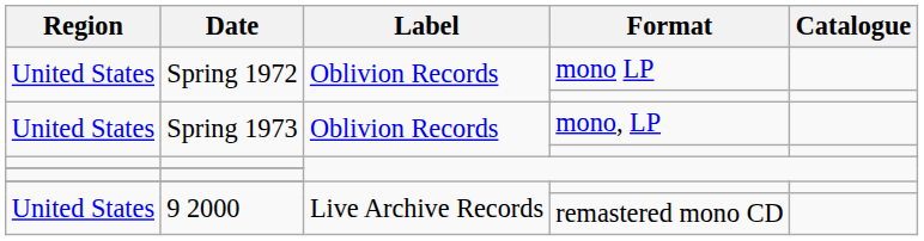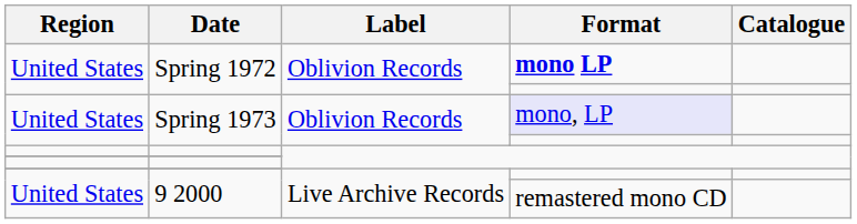 <table class="wikitable">
 <tr>
 <th>Region</th>
 <th>Date</th>
 <th>Label</th>
 <th>Format</th>
 <th>Catalogue</th>
 </tr>
 <tr>
 <td rowspan="2"><a href='#'>United States</a></td>
 <td rowspan="2">Spring 1972</td>
 <td rowspan="2"><a href='#'>Oblivion Records</a></td>
-<td><a href='#'>mono</a> <a href='#'>LP</a></td>
+<td><strong><a href='#'>mono</a> <a href='#'>LP</a></strong></td>
 <td></td>
 </tr>
 <tr>
 <td></td>
 <td></td>
 </tr>
 <tr>
 <td rowspan="4"><a href='#'>United States</a></td>
 <td rowspan="4">Spring 1973</td>
 <td rowspan="4"><a href='#'>Oblivion Records</a></td>
-<td><a href='#'>mono</a>, <a href='#'>LP</a></td>
+<td style="background: lavender;"><a href='#'>mono</a>, <a href='#'>LP</a></td>
 <td></td>
 </tr>
 <tr>
 <td></td>
 <td></td>
 </tr>
 <tr>
 </tr>
 <tr>
 </tr>
 <tr>
 <td></td>
 <td></td>
 </tr>
 <tr>
 </tr>
 <tr>
 </tr>
 <tr>
 <td></td>
 <td></td>
 </tr>
 <tr>
 </tr>
 <tr>
 <td rowspan="2"><a href='#'>United States</a></td>
 <td rowspan="2">9 2000</td>
 <td rowspan="2">Live Archive Records</td>
 <td></td>
 <td></td>
 </tr>
 <tr>
 <td>remastered mono CD</td>
 <td></td>
 </tr>
 </table>
